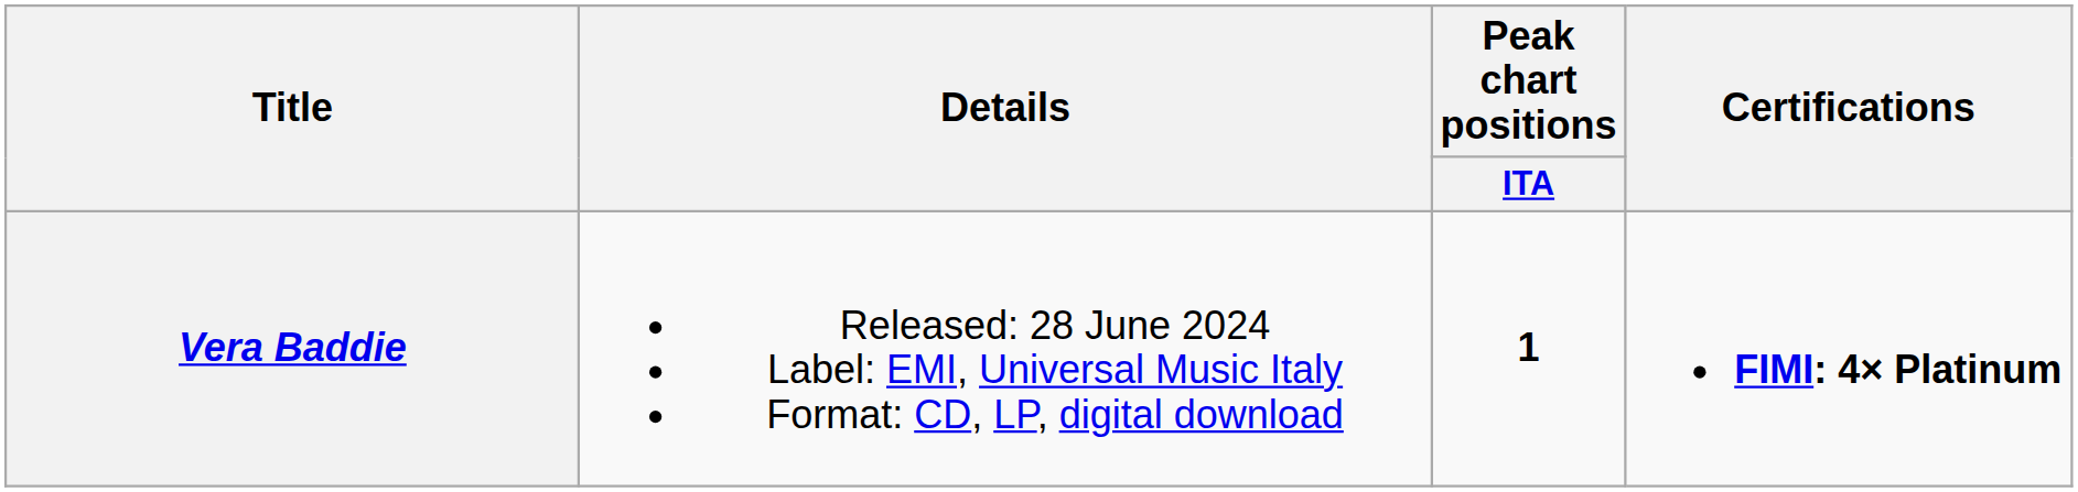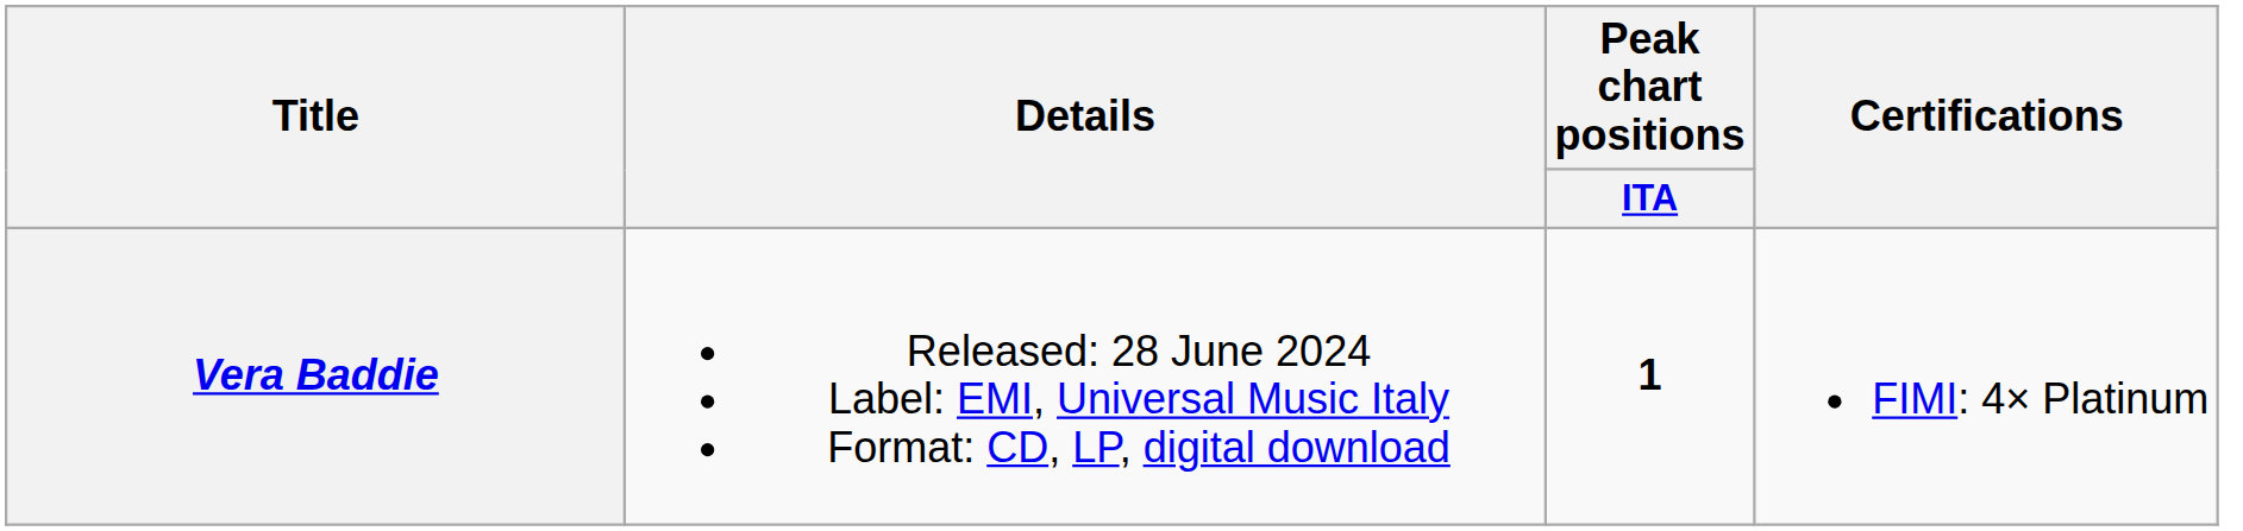 <table class="wikitable plainrowheaders" style="text-align:center;">
 <tr>
 <th scope="col" rowspan="2" style="width:14em;">Title</th>
 <th scope="col" rowspan="2" style="width:21em;">Details</th>
 <th scope="col" colspan="1">Peak chart positions</th>
 <th scope="col" rowspan="2">Certifications</th>
 </tr>
 <tr>
 <th scope="col" style="width:3em;font-size:85%;"><a href='#'>ITA</a><br></th>
 </tr>
 <tr>
 <th scope="row"><em><a href='#'>Vera Baddie</a></em></th>
 <td><br><ul><li>Released: 28 June 2024</li><li>Label: <a href='#'>EMI</a>, <a href='#'>Universal Music Italy</a></li><li>Format: <a href='#'>CD</a>, <a href='#'>LP</a>, <a href='#'>digital download</a></li></ul></td>
 <td><strong>1</strong></td>
-<td><strong><br><ul><li><a href='#'>FIMI</a>: 4× Platinum</li></ul></strong></td>
+<td><br><ul><li><a href='#'>FIMI</a>: 4× Platinum</li></ul></td>
 </tr>
 </table>
